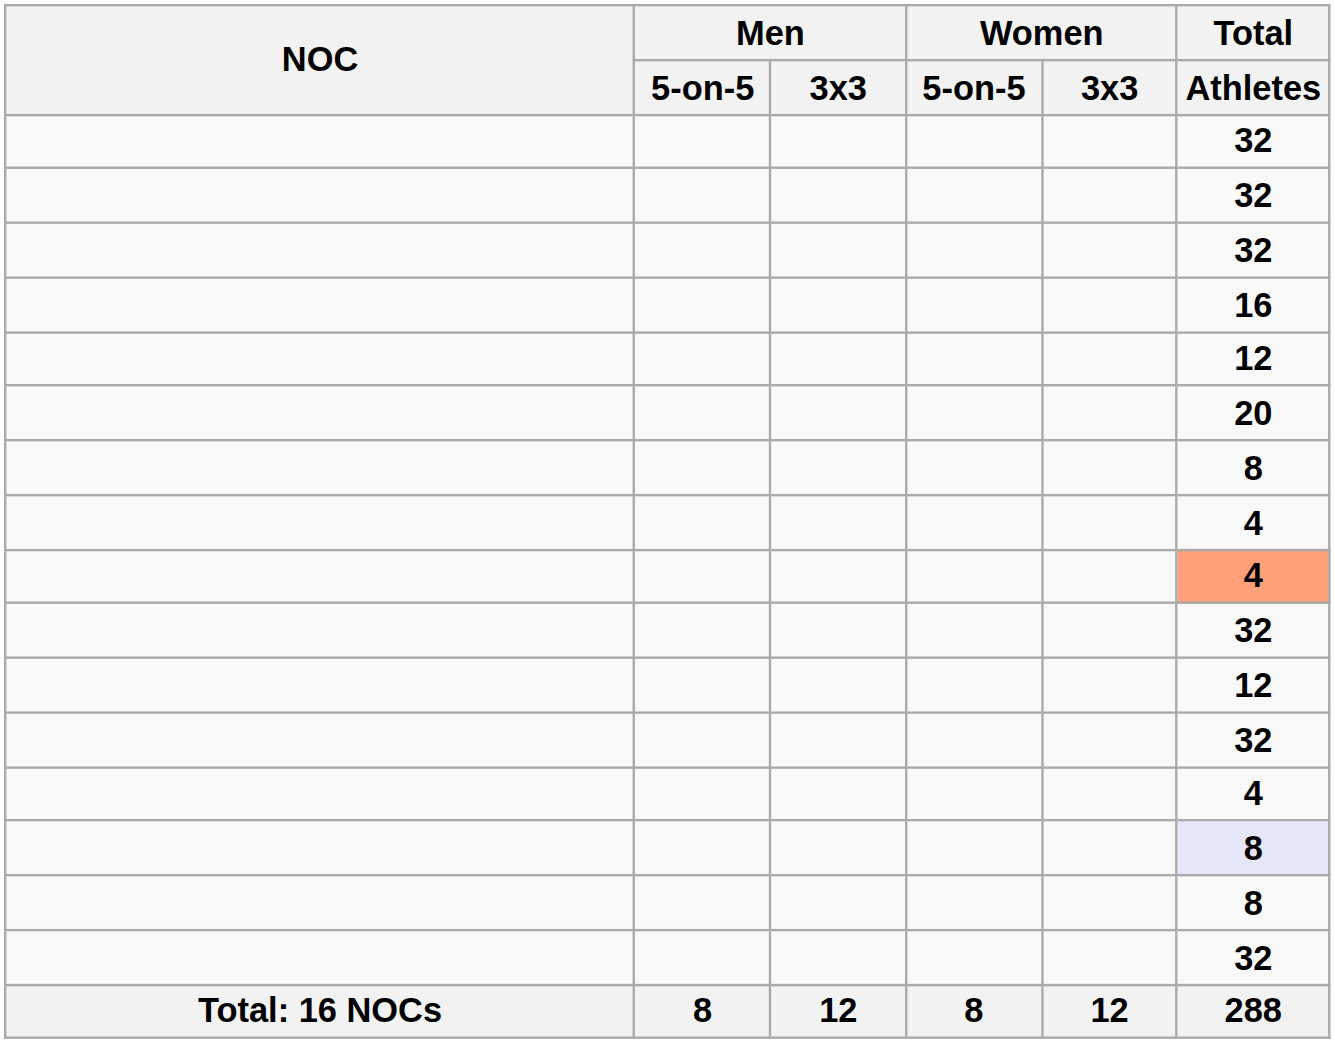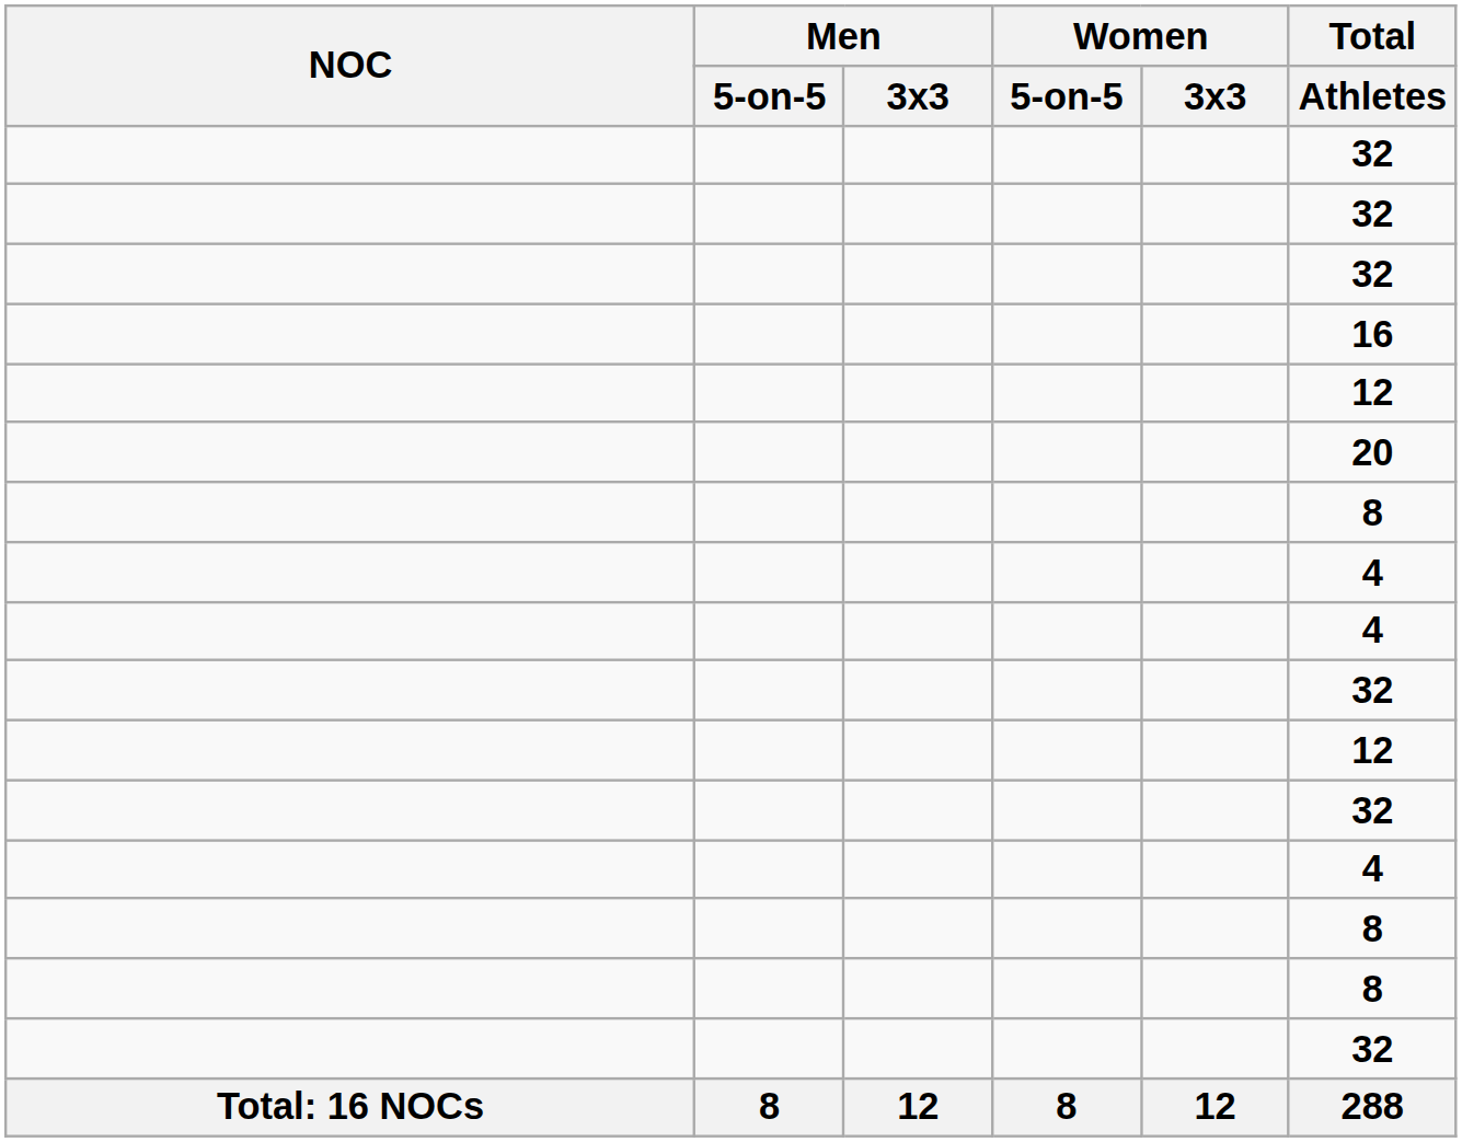 <table class="wikitable sortable" width=555 style="text-align:center; font-size:90%">
 <tr>
 <th rowspan="2" style="text-align:center;">NOC</th>
 <th colspan="2">Men</th>
 <th colspan="2">Women</th>
 <th colspan="1">Total</th>
 </tr>
 <tr>
 <th width=50>5-on-5</th>
 <th width=50>3x3</th>
 <th width=50>5-on-5</th>
 <th width=50>3x3</th>
 <th width=50>Athletes</th>
 </tr>
 <tr>
 <td style="text-align:left;"></td>
 <td></td>
 <td></td>
 <td></td>
 <td></td>
 <td><strong>32</strong></td>
 </tr>
 <tr>
 <td style="text-align:left;"></td>
 <td></td>
 <td></td>
 <td></td>
 <td></td>
 <td><strong>32</strong></td>
 </tr>
 <tr>
 <td style="text-align:left;"></td>
 <td></td>
 <td></td>
 <td></td>
 <td></td>
 <td><strong>32</strong></td>
 </tr>
 <tr>
 <td style="text-align:left;"></td>
 <td></td>
 <td></td>
 <td></td>
 <td></td>
 <td><strong>16</strong></td>
 </tr>
 <tr>
 <td style="text-align:left;"></td>
 <td></td>
 <td></td>
 <td></td>
 <td></td>
 <td><strong>12</strong></td>
 </tr>
 <tr>
 <td style="text-align:left;"></td>
 <td></td>
 <td></td>
 <td></td>
 <td></td>
 <td><strong>20</strong></td>
 </tr>
 <tr>
 <td style="text-align:left;"></td>
 <td></td>
 <td></td>
 <td></td>
 <td></td>
 <td><strong>8</strong></td>
 </tr>
 <tr>
 <td style="text-align:left;"></td>
 <td></td>
 <td></td>
 <td></td>
 <td></td>
 <td><strong>4</strong></td>
 </tr>
 <tr>
 <td style="text-align:left;"></td>
 <td></td>
 <td></td>
 <td></td>
 <td></td>
-<td style="background: lightsalmon;"><strong>4</strong></td>
+<td><strong>4</strong></td>
 </tr>
 <tr>
 <td style="text-align:left;"></td>
 <td></td>
 <td></td>
 <td></td>
 <td></td>
 <td><strong>32</strong></td>
 </tr>
 <tr>
 <td style="text-align:left;"></td>
 <td></td>
 <td></td>
 <td></td>
 <td></td>
 <td><strong>12</strong></td>
 </tr>
 <tr>
 <td style="text-align:left;"></td>
 <td></td>
 <td></td>
 <td></td>
 <td></td>
 <td><strong>32</strong></td>
 </tr>
 <tr>
 <td style="text-align:left;"></td>
 <td></td>
 <td></td>
 <td></td>
 <td></td>
 <td><strong>4</strong></td>
 </tr>
 <tr>
 <td style="text-align:left;"></td>
 <td></td>
 <td></td>
 <td></td>
 <td></td>
-<td style="background: lavender;"><strong>8</strong></td>
+<td><strong>8</strong></td>
 </tr>
 <tr>
 <td style="text-align:left;"></td>
 <td></td>
 <td></td>
 <td></td>
 <td></td>
 <td><strong>8</strong></td>
 </tr>
 <tr>
 <td style="text-align:left;"></td>
 <td></td>
 <td></td>
 <td></td>
 <td></td>
 <td><strong>32</strong></td>
 </tr>
 <tr>
 <th>Total: 16 NOCs</th>
 <th>8</th>
 <th>12</th>
 <th>8</th>
 <th>12</th>
 <th>288</th>
 </tr>
 </table>
